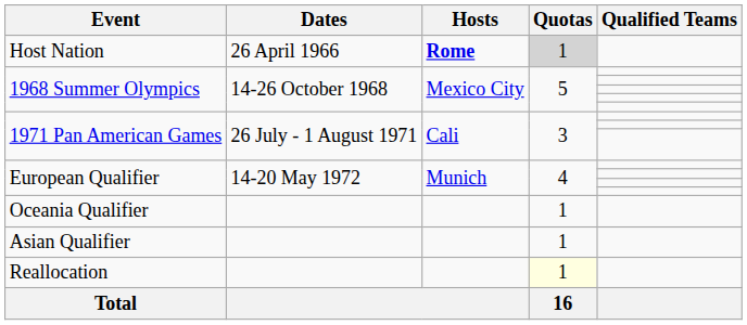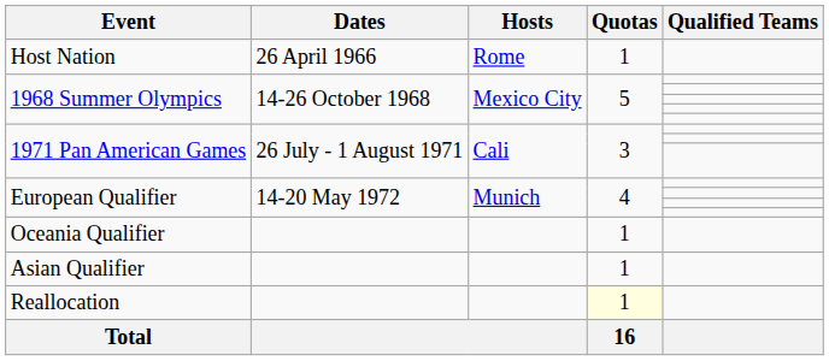 <table class="wikitable">
 <tr>
 <th>Event</th>
 <th>Dates</th>
 <th>Hosts</th>
 <th>Quotas</th>
 <th>Qualified Teams</th>
 </tr>
 <tr>
 <td>Host Nation</td>
 <td>26 April 1966</td>
-<td><strong> <a href='#'>Rome</a></strong></td>
-<td align="center" style="background: lightgrey;">1</td>
+<td> <a href='#'>Rome</a></td>
+<td align="center">1</td>
 <td></td>
 </tr>
 <tr>
 <td rowspan="5"><a href='#'>1968 Summer Olympics</a></td>
 <td rowspan="5">14-26 October 1968</td>
 <td rowspan="5"> <a href='#'>Mexico City</a></td>
 <td rowspan="5" align="center">5</td>
 <td></td>
 </tr>
 <tr>
 <td></td>
 </tr>
 <tr>
 <td></td>
 </tr>
 <tr>
 <td></td>
 </tr>
 <tr>
 <td></td>
 </tr>
 <tr>
 <td rowspan="3"><a href='#'>1971 Pan American Games</a></td>
 <td rowspan="3">26 July - 1 August 1971</td>
 <td rowspan="3"> <a href='#'>Cali</a></td>
 <td rowspan="3" align="center">3</td>
 <td></td>
 </tr>
 <tr>
 <td></td>
 </tr>
 <tr>
 <td><s></s><br></td>
 </tr>
 <tr>
 <td rowspan="4">European Qualifier</td>
 <td rowspan="4">14-20 May 1972</td>
 <td rowspan="4"> <a href='#'>Munich</a></td>
 <td rowspan="4" align="center">4</td>
 <td></td>
 </tr>
 <tr>
 <td></td>
 </tr>
 <tr>
 <td></td>
 </tr>
 <tr>
 <td></td>
 </tr>
 <tr>
 <td>Oceania Qualifier</td>
 <td></td>
 <td></td>
 <td align="center">1</td>
 <td></td>
 </tr>
 <tr>
 <td>Asian Qualifier</td>
 <td></td>
 <td></td>
 <td align="center">1</td>
 <td></td>
 </tr>
 <tr>
 <td>Reallocation</td>
 <td></td>
 <td></td>
 <td align="center" style="background: lightyellow;">1</td>
 <td></td>
 </tr>
 <tr>
 <th>Total</th>
 <th colspan="2"></th>
 <th>16</th>
 <th></th>
 </tr>
 </table>
